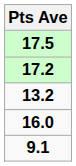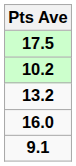 <table class="wikitable" style="text-align: center;">
 <tr>
 <th>Pts Ave</th>
 </tr>
 <tr>
 <td style="background:#ccffcc;"><strong>17.5</strong></td>
 </tr>
 <tr>
-<td style="background:#ccffcc;"><strong>17.2</strong></td>
+<td style="background:#ccffcc;"><strong>10.2</strong></td>
 </tr>
 <tr>
 <td><strong>13.2</strong></td>
 </tr>
 <tr>
 <td><strong>16.0</strong></td>
 </tr>
 <tr>
 <td><strong>9.1</strong></td>
 </tr>
 </table>
